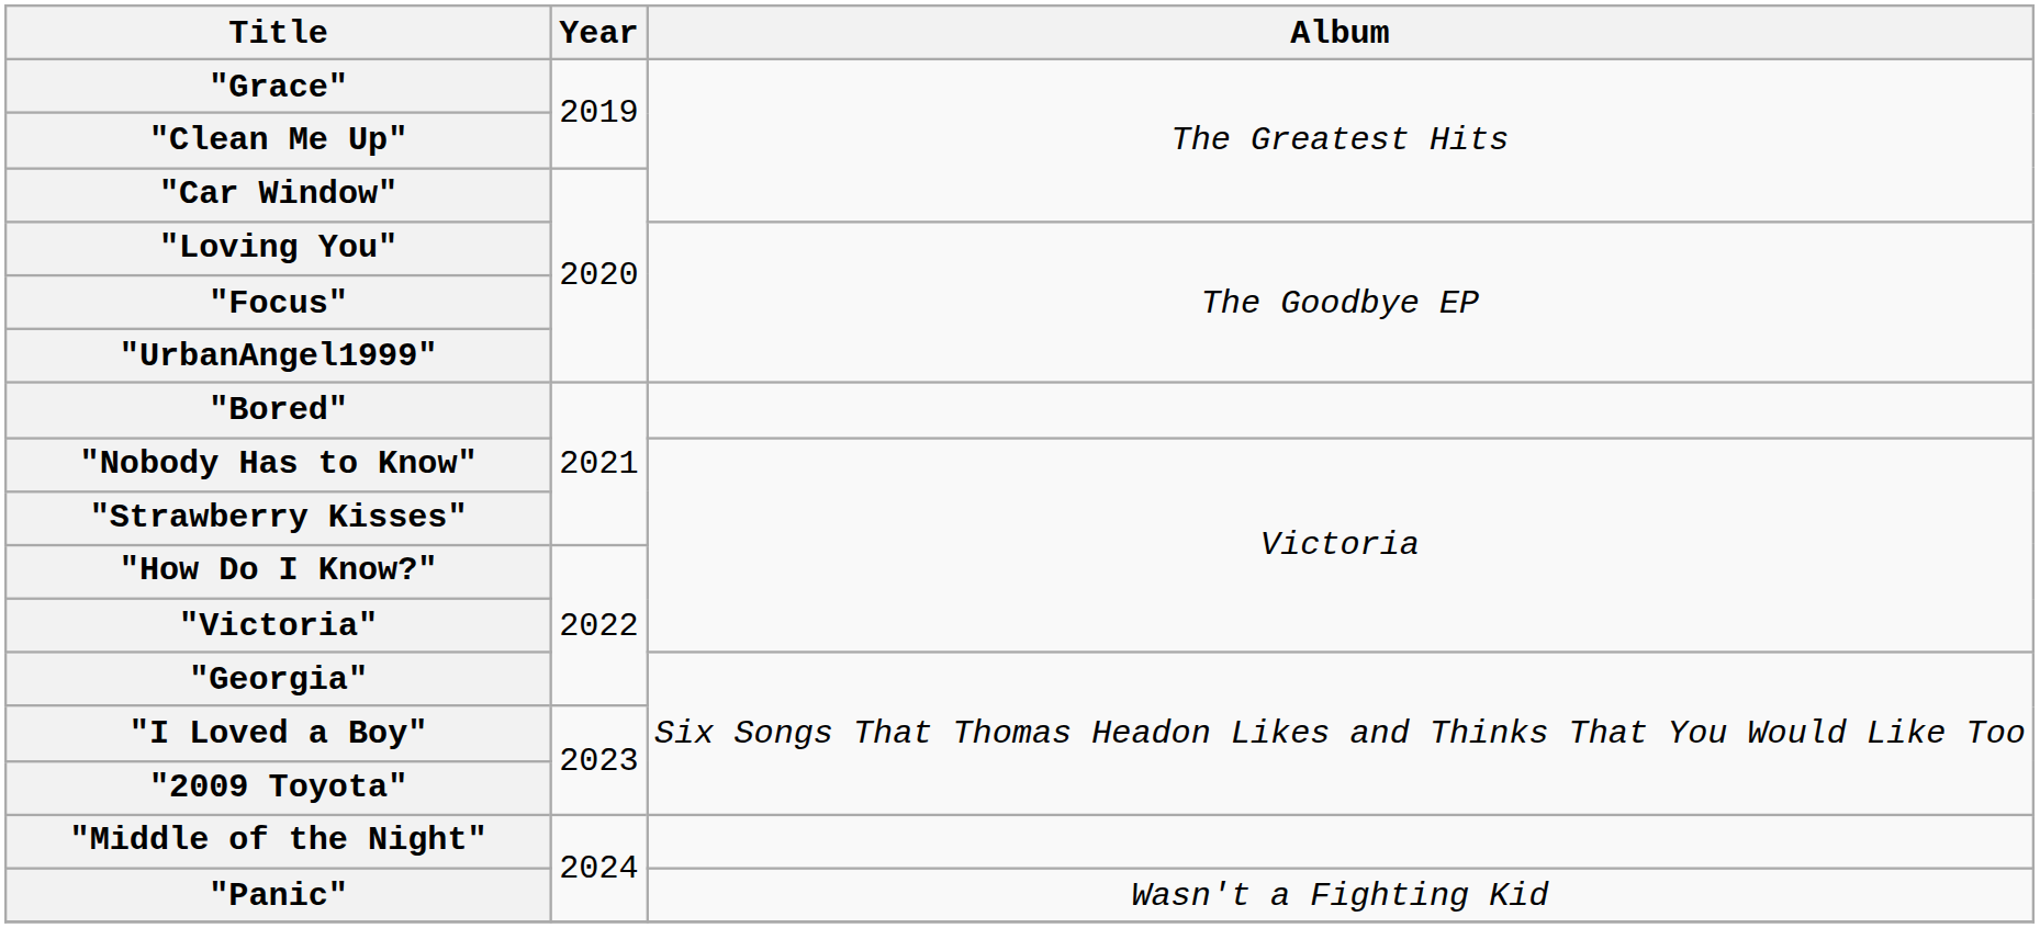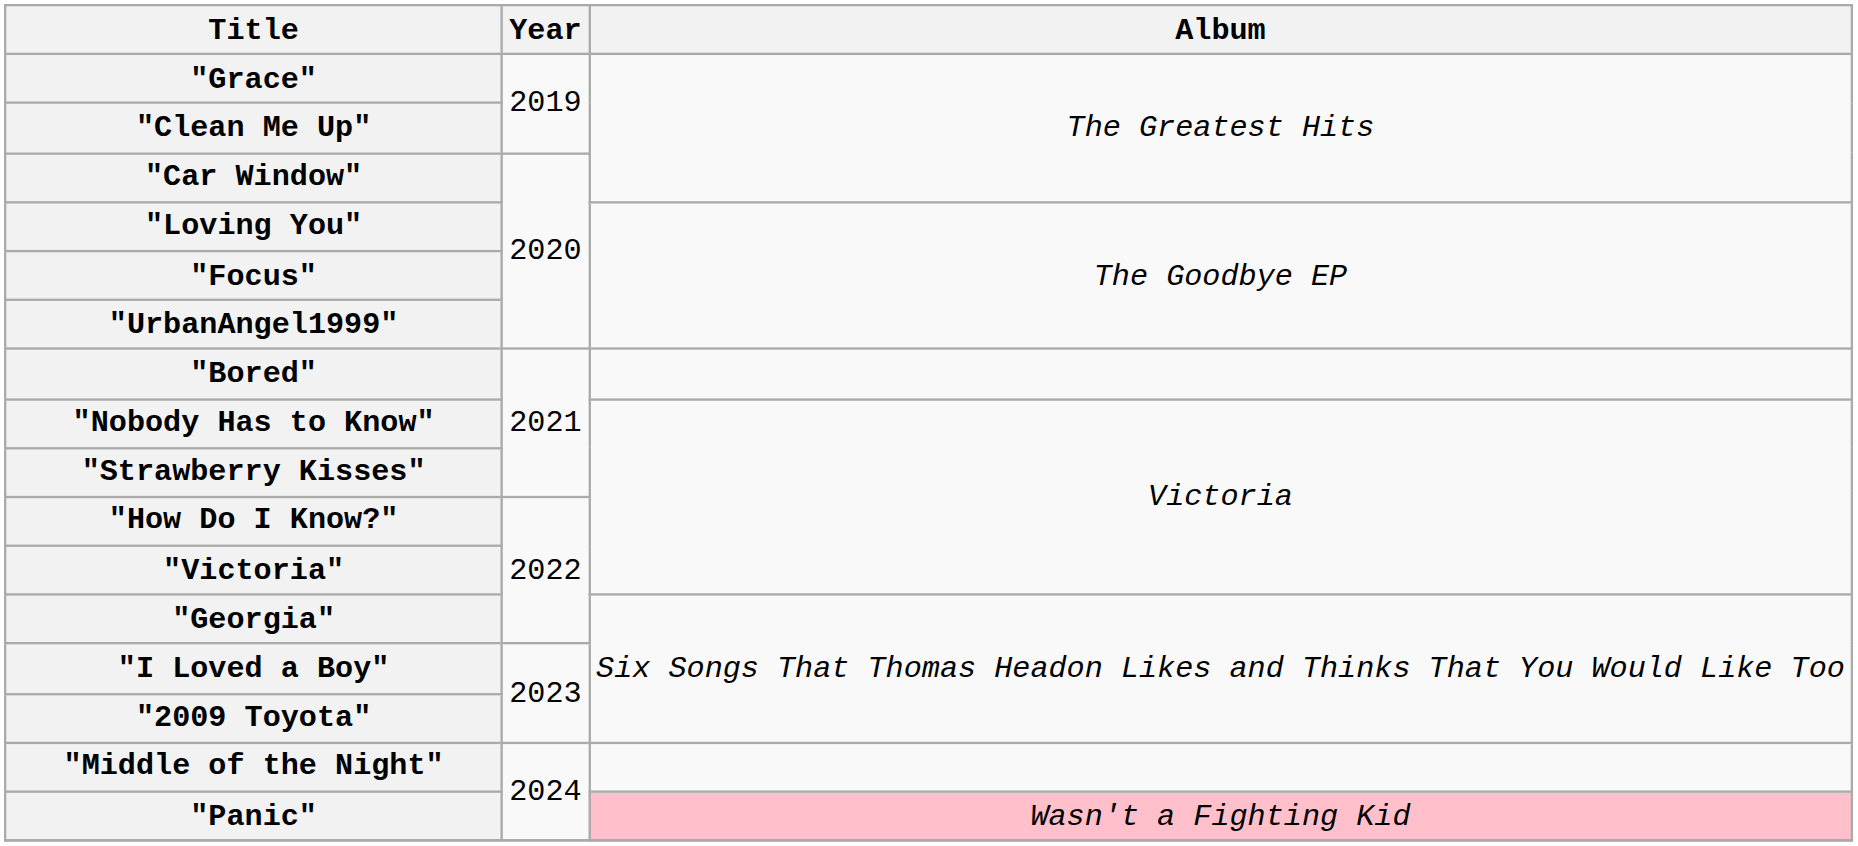 <table class="wikitable plainrowheaders" style="text-align:center;">
 <tr>
 <th scope="col" style="width:16em;">Title</th>
 <th scope="col" style="width:1em;">Year</th>
 <th scope="col">Album</th>
 </tr>
 <tr>
 <th scope="row">"Grace"</th>
 <td rowspan="2">2019</td>
 <td rowspan="3"><em>The Greatest Hits</em></td>
 </tr>
 <tr>
 <th scope="row">"Clean Me Up"</th>
 </tr>
 <tr>
 <th scope="row">"Car Window"</th>
 <td rowspan="4">2020</td>
 </tr>
 <tr>
 <th scope="row">"Loving You"</th>
 <td rowspan="3"><em>The Goodbye EP</em></td>
 </tr>
 <tr>
 <th scope="row">"Focus"</th>
 </tr>
 <tr>
 <th scope="row">"UrbanAngel1999"</th>
 </tr>
 <tr>
 <th scope="row">"Bored"<br></th>
 <td rowspan="3">2021</td>
 <td></td>
 </tr>
 <tr>
 <th scope="row">"Nobody Has to Know"</th>
 <td rowspan="4"><em>Victoria</em></td>
 </tr>
 <tr>
 <th scope="row">"Strawberry Kisses"</th>
 </tr>
 <tr>
 <th scope="row">"How Do I Know?"</th>
 <td rowspan="3">2022</td>
 </tr>
 <tr>
 <th scope="row">"Victoria"</th>
 </tr>
 <tr>
 <th scope="row">"Georgia"</th>
 <td rowspan="3"><em>Six Songs That Thomas Headon Likes and Thinks That You Would Like Too</em></td>
 </tr>
 <tr>
 <th scope="row">"I Loved a Boy"</th>
 <td rowspan="2">2023</td>
 </tr>
 <tr>
 <th scope="row">"2009 Toyota"</th>
 </tr>
 <tr>
 <th scope="row">"Middle of the Night"</th>
 <td rowspan="2">2024</td>
 <td></td>
 </tr>
 <tr>
 <th scope="row">"Panic"</th>
-<td><em>Wasn't a Fighting Kid</em></td>
+<td style="background: pink;"><em>Wasn't a Fighting Kid</em></td>
 </tr>
 <tr>
 </tr>
 </table>
